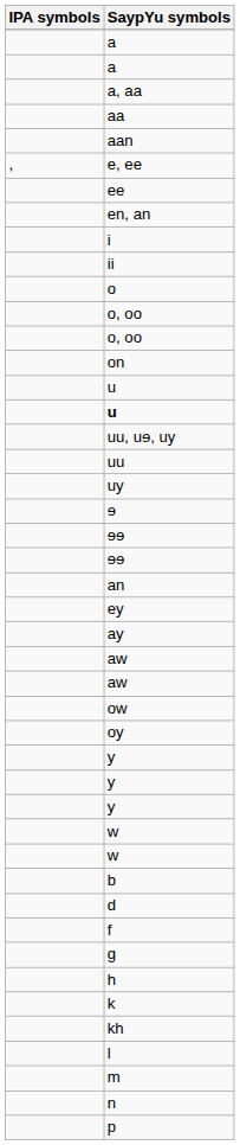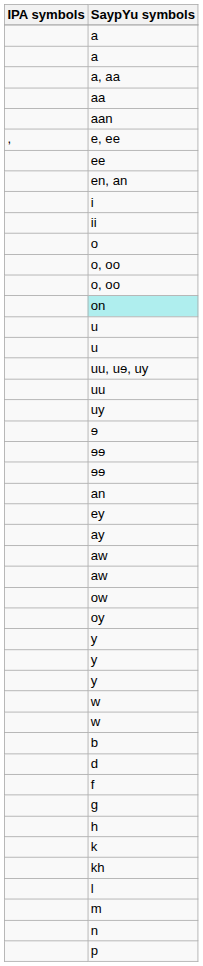 <table class="wikitable">
 <tr>
 <th>IPA symbols</th>
 <th>SaypYu symbols</th>
 </tr>
 <tr>
 </tr>
 <tr>
 <td></td>
 <td>a</td>
 </tr>
 <tr>
 <td></td>
 <td>a</td>
 </tr>
 <tr>
 <td></td>
 <td>a, aa</td>
 </tr>
 <tr>
 <td></td>
 <td>aa</td>
 </tr>
 <tr>
 <td></td>
 <td>aan</td>
 </tr>
 <tr>
 <td>, </td>
 <td>e, ee</td>
 </tr>
 <tr>
 <td></td>
 <td>ee</td>
 </tr>
 <tr>
 <td></td>
 <td>en, an</td>
 </tr>
 <tr>
 <td></td>
 <td>i</td>
 </tr>
 <tr>
 <td></td>
 <td>ii</td>
 </tr>
 <tr>
 <td></td>
 <td>o</td>
 </tr>
 <tr>
 <td></td>
 <td>o, oo</td>
 </tr>
 <tr>
 <td></td>
 <td>o, oo</td>
 </tr>
 <tr>
 <td></td>
-<td>on</td>
+<td style="background: paleturquoise;">on</td>
 </tr>
 <tr>
 <td></td>
 <td>u</td>
 </tr>
 <tr>
 <td></td>
-<td><strong>u</strong></td>
+<td>u</td>
 </tr>
 <tr>
 <td></td>
 <td>uu, uɘ, uy</td>
 </tr>
 <tr>
 <td></td>
 <td>uu</td>
 </tr>
 <tr>
 <td></td>
 <td>uy</td>
 </tr>
 <tr>
 <td></td>
 <td>ɘ</td>
 </tr>
 <tr>
 <td></td>
 <td>ɘɘ</td>
 </tr>
 <tr>
 <td></td>
 <td>ɘɘ</td>
 </tr>
 <tr>
 <td></td>
 <td>an</td>
 </tr>
 <tr>
 <td></td>
 <td>ey</td>
 </tr>
 <tr>
 <td></td>
 <td>ay</td>
 </tr>
 <tr>
 <td></td>
 <td>aw</td>
 </tr>
 <tr>
 <td></td>
 <td>aw</td>
 </tr>
 <tr>
 <td></td>
 <td>ow</td>
 </tr>
 <tr>
 <td></td>
 <td>oy</td>
 </tr>
 <tr>
 <td></td>
 <td>y</td>
 </tr>
 <tr>
 <td></td>
 <td>y</td>
 </tr>
 <tr>
 <td></td>
 <td>y</td>
 </tr>
 <tr>
 <td></td>
 <td>w</td>
 </tr>
 <tr>
 <td></td>
 <td>w</td>
 </tr>
 <tr>
 <td></td>
 <td>b</td>
 </tr>
 <tr>
 <td></td>
 <td>d</td>
 </tr>
 <tr>
 <td></td>
 <td>f</td>
 </tr>
 <tr>
 <td></td>
 <td>g</td>
 </tr>
 <tr>
 <td></td>
 <td>h</td>
 </tr>
 <tr>
 <td></td>
 <td>k</td>
 </tr>
 <tr>
 <td></td>
 <td>kh</td>
 </tr>
 <tr>
 <td></td>
 <td>l</td>
 </tr>
 <tr>
 <td></td>
 <td>m</td>
 </tr>
 <tr>
 <td></td>
 <td>n</td>
 </tr>
 <tr>
 <td></td>
 <td>p</td>
 </tr>
 </table>
